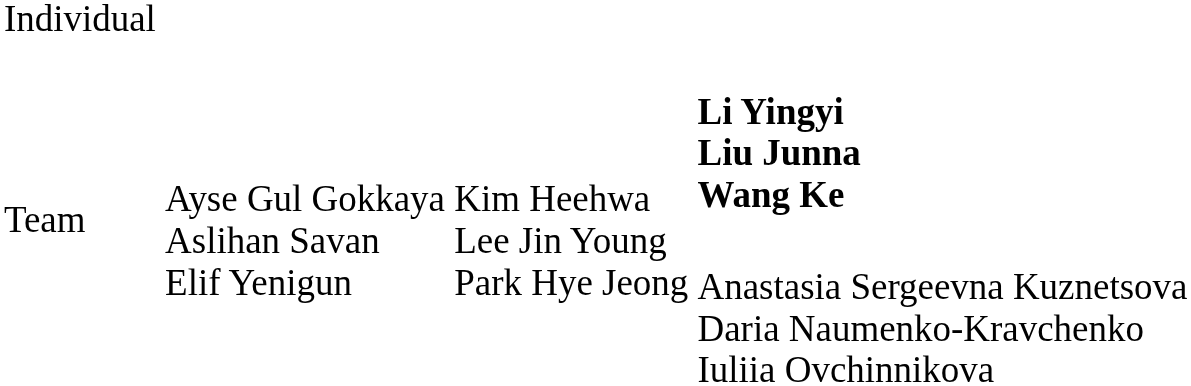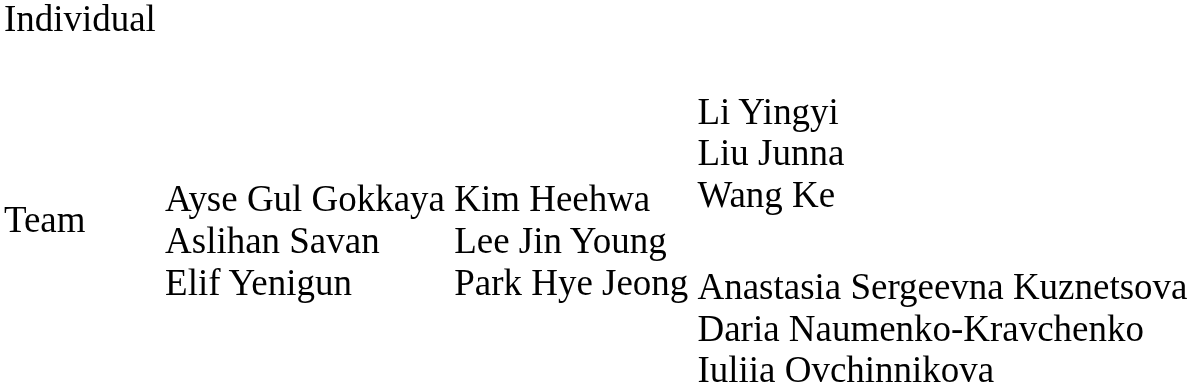 <table>
 <tr>
 <td rowspan=2>Individual</td>
 <td rowspan=2></td>
 <td rowspan=2></td>
 <td></td>
 </tr>
 <tr>
 <td></td>
 </tr>
 <tr>
 <td rowspan=2>Team</td>
 <td rowspan=2><br>Ayse Gul Gokkaya<br>Aslihan Savan<br>Elif Yenigun</td>
 <td rowspan=2><br>Kim Heehwa<br>Lee Jin Young<br>Park Hye Jeong</td>
-<td><strong><br>Li Yingyi<br>Liu Junna<br>Wang Ke</strong></td>
+<td><br>Li Yingyi<br>Liu Junna<br>Wang Ke</td>
 </tr>
 <tr>
 <td><br>Anastasia Sergeevna Kuznetsova<br>Daria Naumenko-Kravchenko<br>Iuliia Ovchinnikova</td>
 </tr>
 </table>
